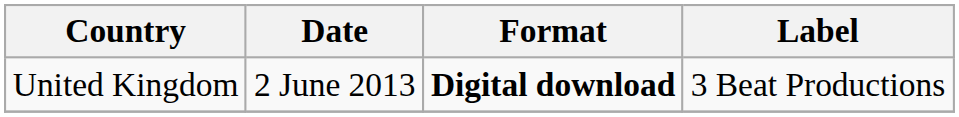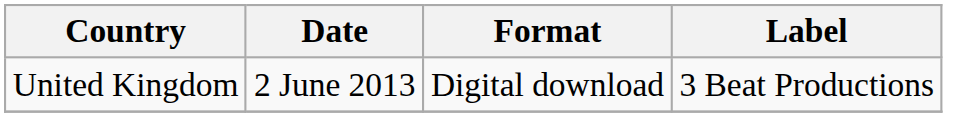 <table class="wikitable plainrowheaders">
 <tr>
 <th scope="col">Country</th>
 <th scope="col">Date</th>
 <th scope="col">Format</th>
 <th scope="col">Label</th>
 </tr>
 <tr>
 <td>United Kingdom</td>
 <td>2 June 2013</td>
-<td><strong>Digital download</strong></td>
+<td>Digital download</td>
 <td>3 Beat Productions</td>
 </tr>
 <tr>
 </tr>
 </table>
